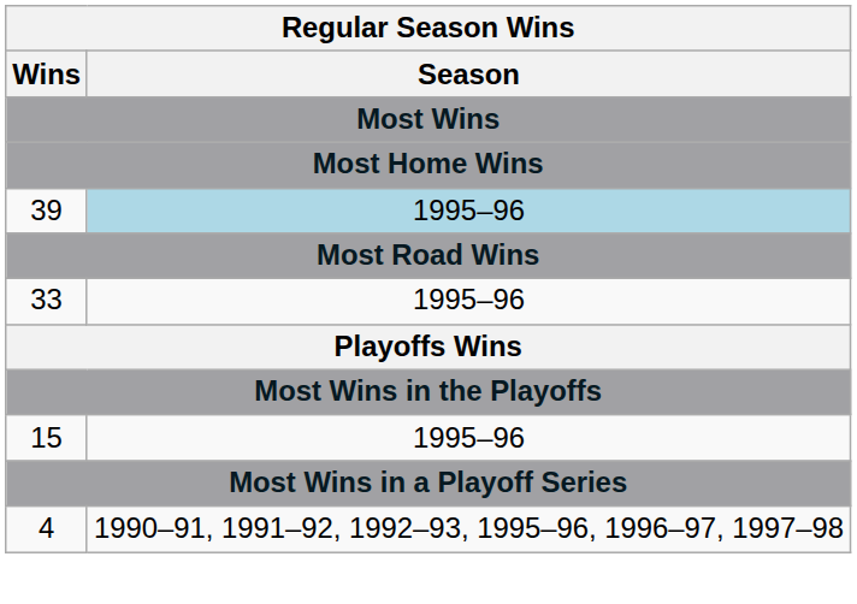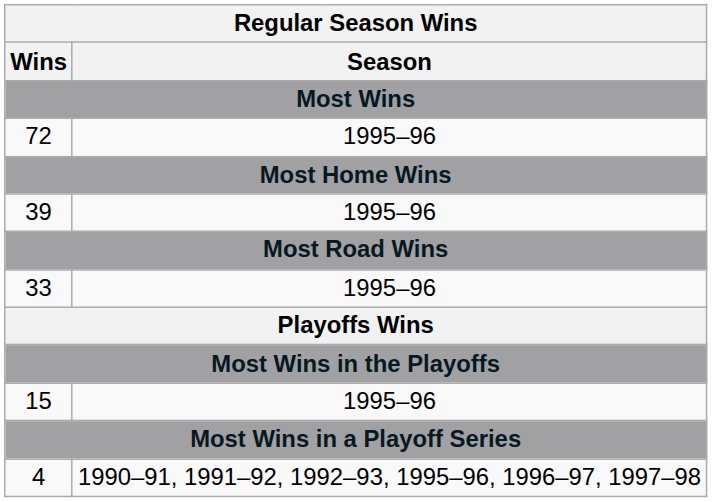 <table class="wikitable" style="text-align:center">
 <tr>
 <th colspan="2">Regular Season Wins</th>
 </tr>
 <tr>
 <th>Wins</th>
 <th>Season</th>
 </tr>
 <tr>
 <th colspan="2" style="text-align:center; background:#A1A1A4; color:#061922;">Most Wins</th>
 </tr>
 <tr>
+<td>72</td>
+<td>1995–96</td>
+</tr>
+<tr>
 <th colspan="2" style="text-align:center; background:#A1A1A4; color:#061922;">Most Home Wins</th>
 </tr>
 <tr>
 <td>39</td>
-<td style="background: lightblue;">1995–96</td>
+<td>1995–96</td>
 </tr>
 <tr>
 <th colspan="2" style="text-align:center; background:#A1A1A4; color:#061922;">Most Road Wins</th>
 </tr>
 <tr>
 <td>33</td>
 <td>1995–96</td>
 </tr>
 <tr>
 <th colspan="2">Playoffs Wins</th>
 </tr>
 <tr>
 <th colspan="2" style="text-align:center; background:#A1A1A4; color:#061922;">Most Wins in the Playoffs</th>
 </tr>
 <tr>
 <td>15</td>
 <td>1995–96</td>
 </tr>
 <tr>
 <th colspan="2" style="text-align:center; background:#A1A1A4; color:#061922;">Most Wins in a Playoff Series</th>
 </tr>
 <tr>
 <td>4</td>
 <td>1990–91, 1991–92, 1992–93, 1995–96, 1996–97, 1997–98</td>
 </tr>
 </table>
